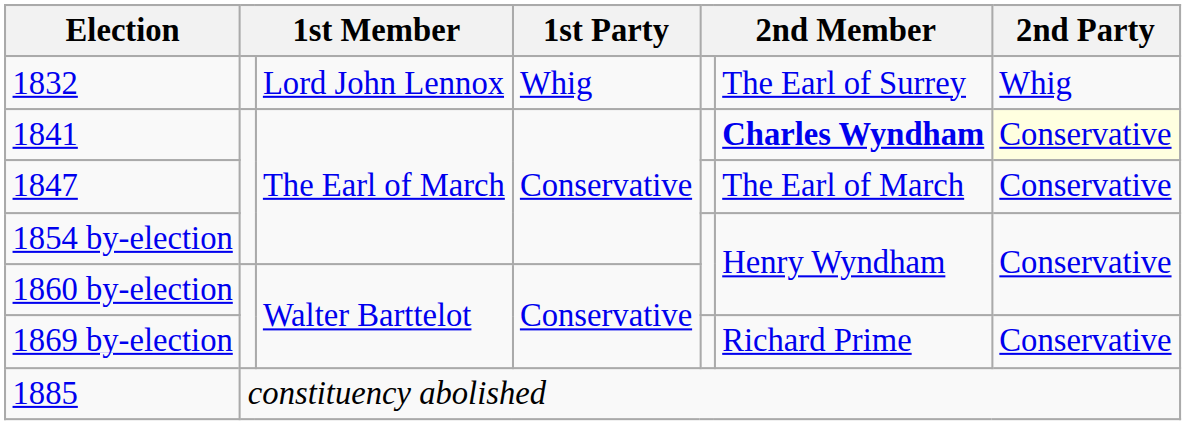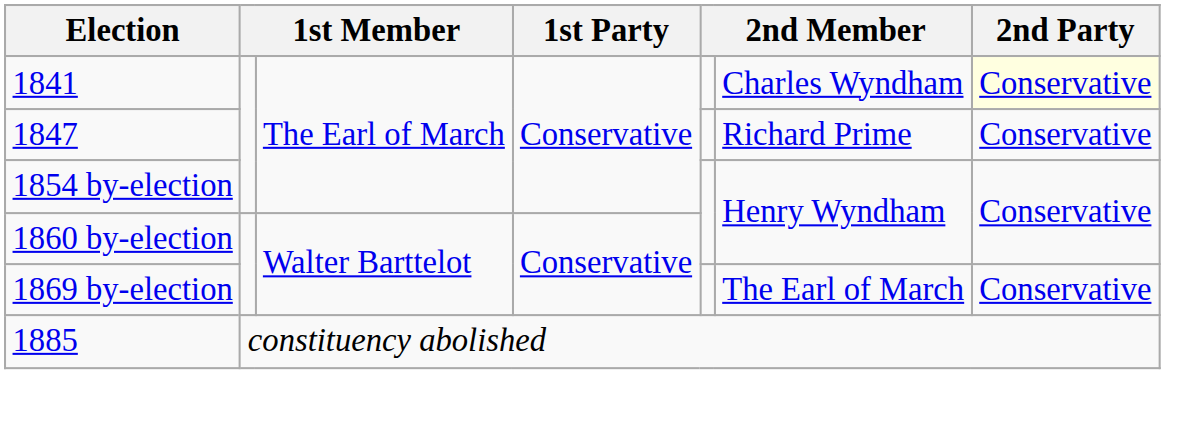 <table class="wikitable">
 <tr>
 <th>Election</th>
 <th colspan="2">1st Member</th>
 <th>1st Party</th>
 <th colspan="2">2nd Member</th>
 <th>2nd Party</th>
 </tr>
 <tr>
-<td><a href='#'>1832</a></td>
-<td style="color:inherit;background-color: "></td>
-<td><a href='#'>Lord John Lennox</a></td>
-<td><a href='#'>Whig</a></td>
-<td style="color:inherit;background-color: "></td>
-<td><a href='#'>The Earl of Surrey</a></td>
-<td><a href='#'>Whig</a></td>
-</tr>
-<tr>
 <td><a href='#'>1841</a></td>
 <td rowspan="3" style="color:inherit;background-color: "></td>
 <td rowspan="3"><a href='#'>The Earl of March</a></td>
 <td rowspan="3"><a href='#'>Conservative</a></td>
 <td style="color:inherit;background-color: "></td>
-<td><strong><a href='#'>Charles Wyndham</a></strong></td>
+<td><a href='#'>Charles Wyndham</a></td>
 <td style="background: lightyellow;"><a href='#'>Conservative</a></td>
 </tr>
 <tr>
 <td><a href='#'>1847</a></td>
 <td style="color:inherit;background-color: "></td>
-<td><a href='#'>The Earl of March</a></td>
+<td><a href='#'>Richard Prime</a></td>
 <td><a href='#'>Conservative</a></td>
 </tr>
 <tr>
 <td><a href='#'>1854 by-election</a></td>
 <td rowspan="2" style="color:inherit;background-color: "></td>
 <td rowspan="2"><a href='#'>Henry Wyndham</a></td>
 <td rowspan="2"><a href='#'>Conservative</a></td>
 </tr>
 <tr>
 <td><a href='#'>1860 by-election</a></td>
 <td rowspan="2" style="color:inherit;background-color: "></td>
 <td rowspan="2"><a href='#'>Walter Barttelot</a></td>
 <td rowspan="2"><a href='#'>Conservative</a></td>
 </tr>
 <tr>
 <td><a href='#'>1869 by-election</a></td>
 <td style="color:inherit;background-color: "></td>
-<td><a href='#'>Richard Prime</a></td>
+<td><a href='#'>The Earl of March</a></td>
 <td><a href='#'>Conservative</a></td>
 </tr>
 <tr>
 <td><a href='#'>1885</a></td>
 <td colspan="6"><em>constituency abolished</em></td>
 </tr>
 </table>
